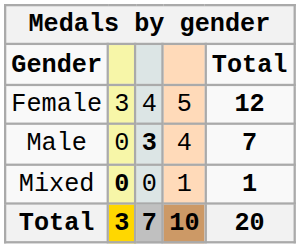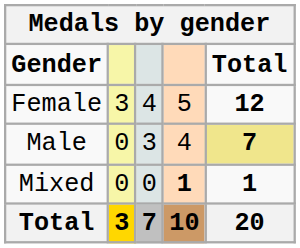 <table class="wikitable" style="font-size:85%">
 <tr style="background:#efefef;">
 <th colspan=7><strong>Medals by gender</strong></th>
 </tr>
 <tr align=center>
 <td><strong>Gender</strong></td>
 <td bgcolor=#f7f6a8></td>
 <td bgcolor=#dce5e5></td>
 <td bgcolor=#ffdab9></td>
 <td><strong>Total</strong></td>
 </tr>
 <tr align=center>
 <td>Female</td>
 <td style="background:#F7F6A8;">3</td>
 <td style="background:#DCE5E5;">4</td>
 <td style="background:#FFDAB9;">5</td>
 <td><strong>12</strong></td>
 </tr>
 <tr align=center>
 <td>Male</td>
 <td style="background:#F7F6A8;">0</td>
-<td style="background:#DCE5E5;"><strong>3</strong></td>
+<td style="background:#DCE5E5;">3</td>
 <td style="background:#FFDAB9;">4</td>
-<td><strong>7</strong></td>
+<td style="background: khaki;"><strong>7</strong></td>
 </tr>
 <tr align=center>
 <td>Mixed</td>
-<td style="background:#F7F6A8;"><strong>0</strong></td>
+<td style="background:#F7F6A8;">0</td>
 <td style="background:#DCE5E5;">0</td>
-<td style="background:#FFDAB9;">1</td>
+<td style="background:#FFDAB9;"><strong>1</strong></td>
 <td><strong>1</strong></td>
 </tr>
 <tr align=center>
 <th><strong>Total</strong></th>
 <th style="background:gold;"><strong>3</strong></th>
 <th style="background:silver;"><strong>7</strong></th>
 <th style="background:#c96;"><strong>10</strong></th>
 <th><strong>20</strong></th>
 </tr>
 </table>
